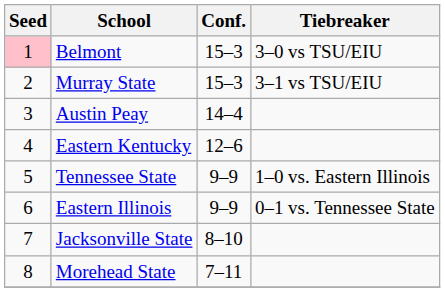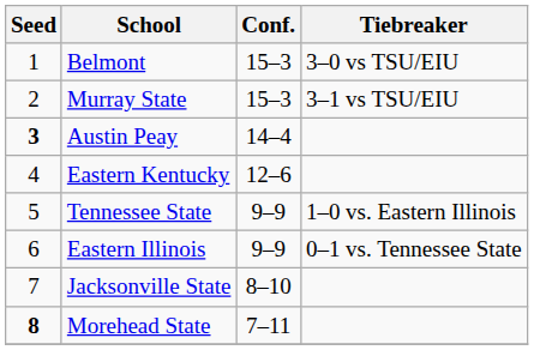 <table class="wikitable" style="font-size:95%; text-align:center">
 <tr>
 <th>Seed</th>
 <th>School</th>
 <th>Conf.</th>
 <th>Tiebreaker</th>
 </tr>
 <tr>
-<td style="background: pink;">1</td>
+<td>1</td>
 <td align=left><a href='#'>Belmont</a></td>
 <td>15–3</td>
 <td align=left>3–0 vs TSU/EIU</td>
 </tr>
 <tr>
 <td>2</td>
 <td align=left><a href='#'>Murray State</a></td>
 <td>15–3</td>
 <td align=left>3–1 vs TSU/EIU</td>
 </tr>
 <tr>
-<td>3</td>
+<td><strong>3</strong></td>
 <td align=left><a href='#'>Austin Peay</a></td>
 <td>14–4</td>
 <td></td>
 </tr>
 <tr>
 <td>4</td>
 <td align=left><a href='#'>Eastern Kentucky</a></td>
 <td>12–6</td>
 <td></td>
 </tr>
 <tr>
 <td>5</td>
 <td align=left><a href='#'>Tennessee State</a></td>
 <td>9–9</td>
 <td align=left>1–0 vs. Eastern Illinois</td>
 </tr>
 <tr>
 <td>6</td>
 <td align=left><a href='#'>Eastern Illinois</a></td>
 <td>9–9</td>
 <td align=left>0–1 vs. Tennessee State</td>
 </tr>
 <tr>
 <td>7</td>
 <td align=left><a href='#'>Jacksonville State</a></td>
 <td>8–10</td>
 <td align=left></td>
 </tr>
 <tr>
-<td>8</td>
+<td><strong>8</strong></td>
 <td align=left><a href='#'>Morehead State</a></td>
 <td>7–11</td>
 <td align=left></td>
 </tr>
 <tr>
 </tr>
 </table>
